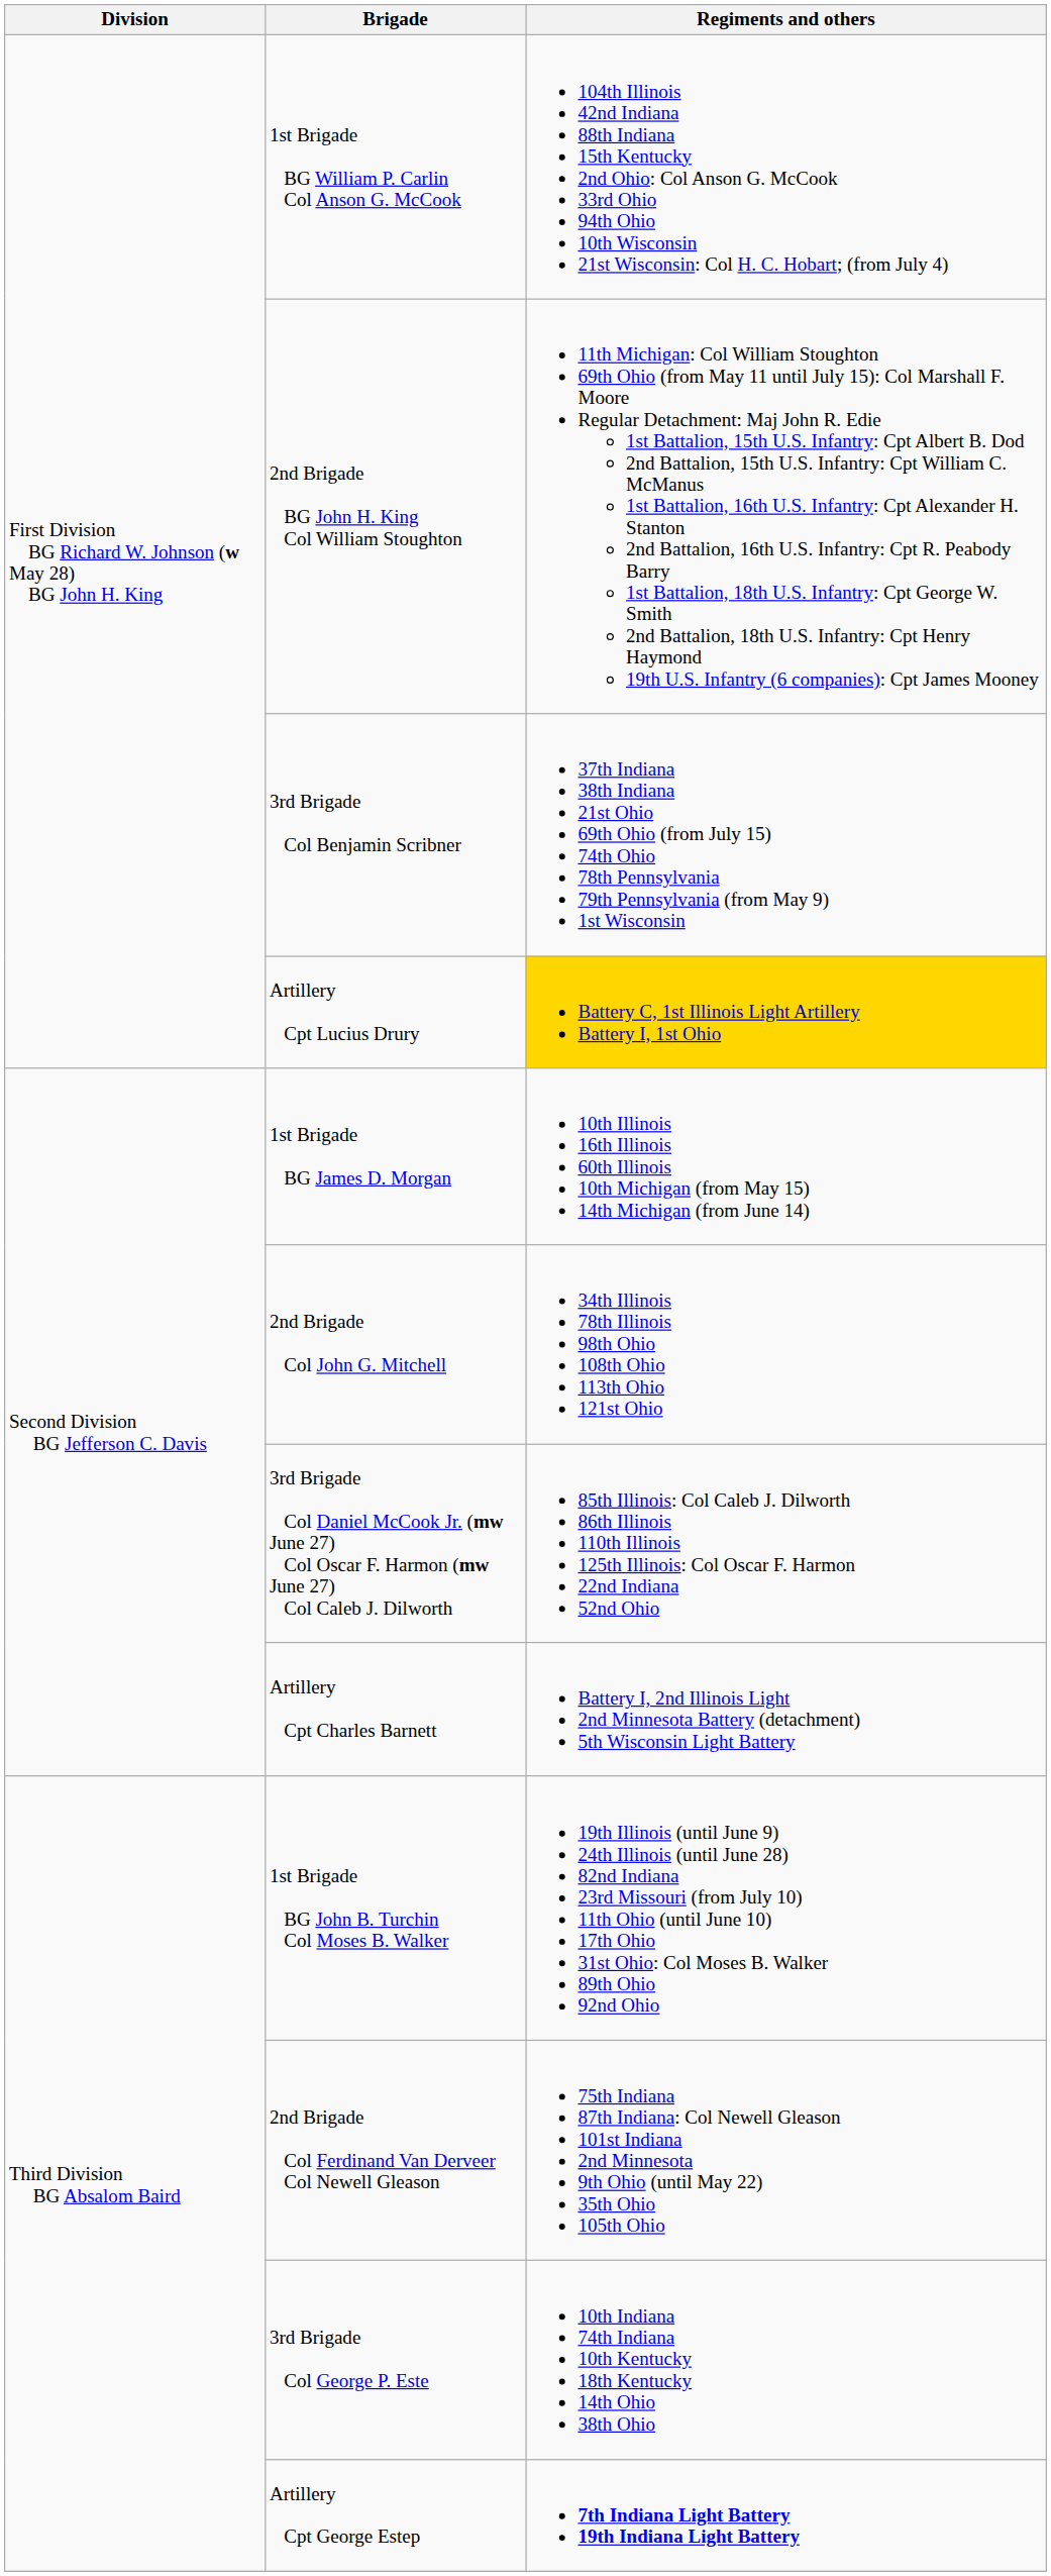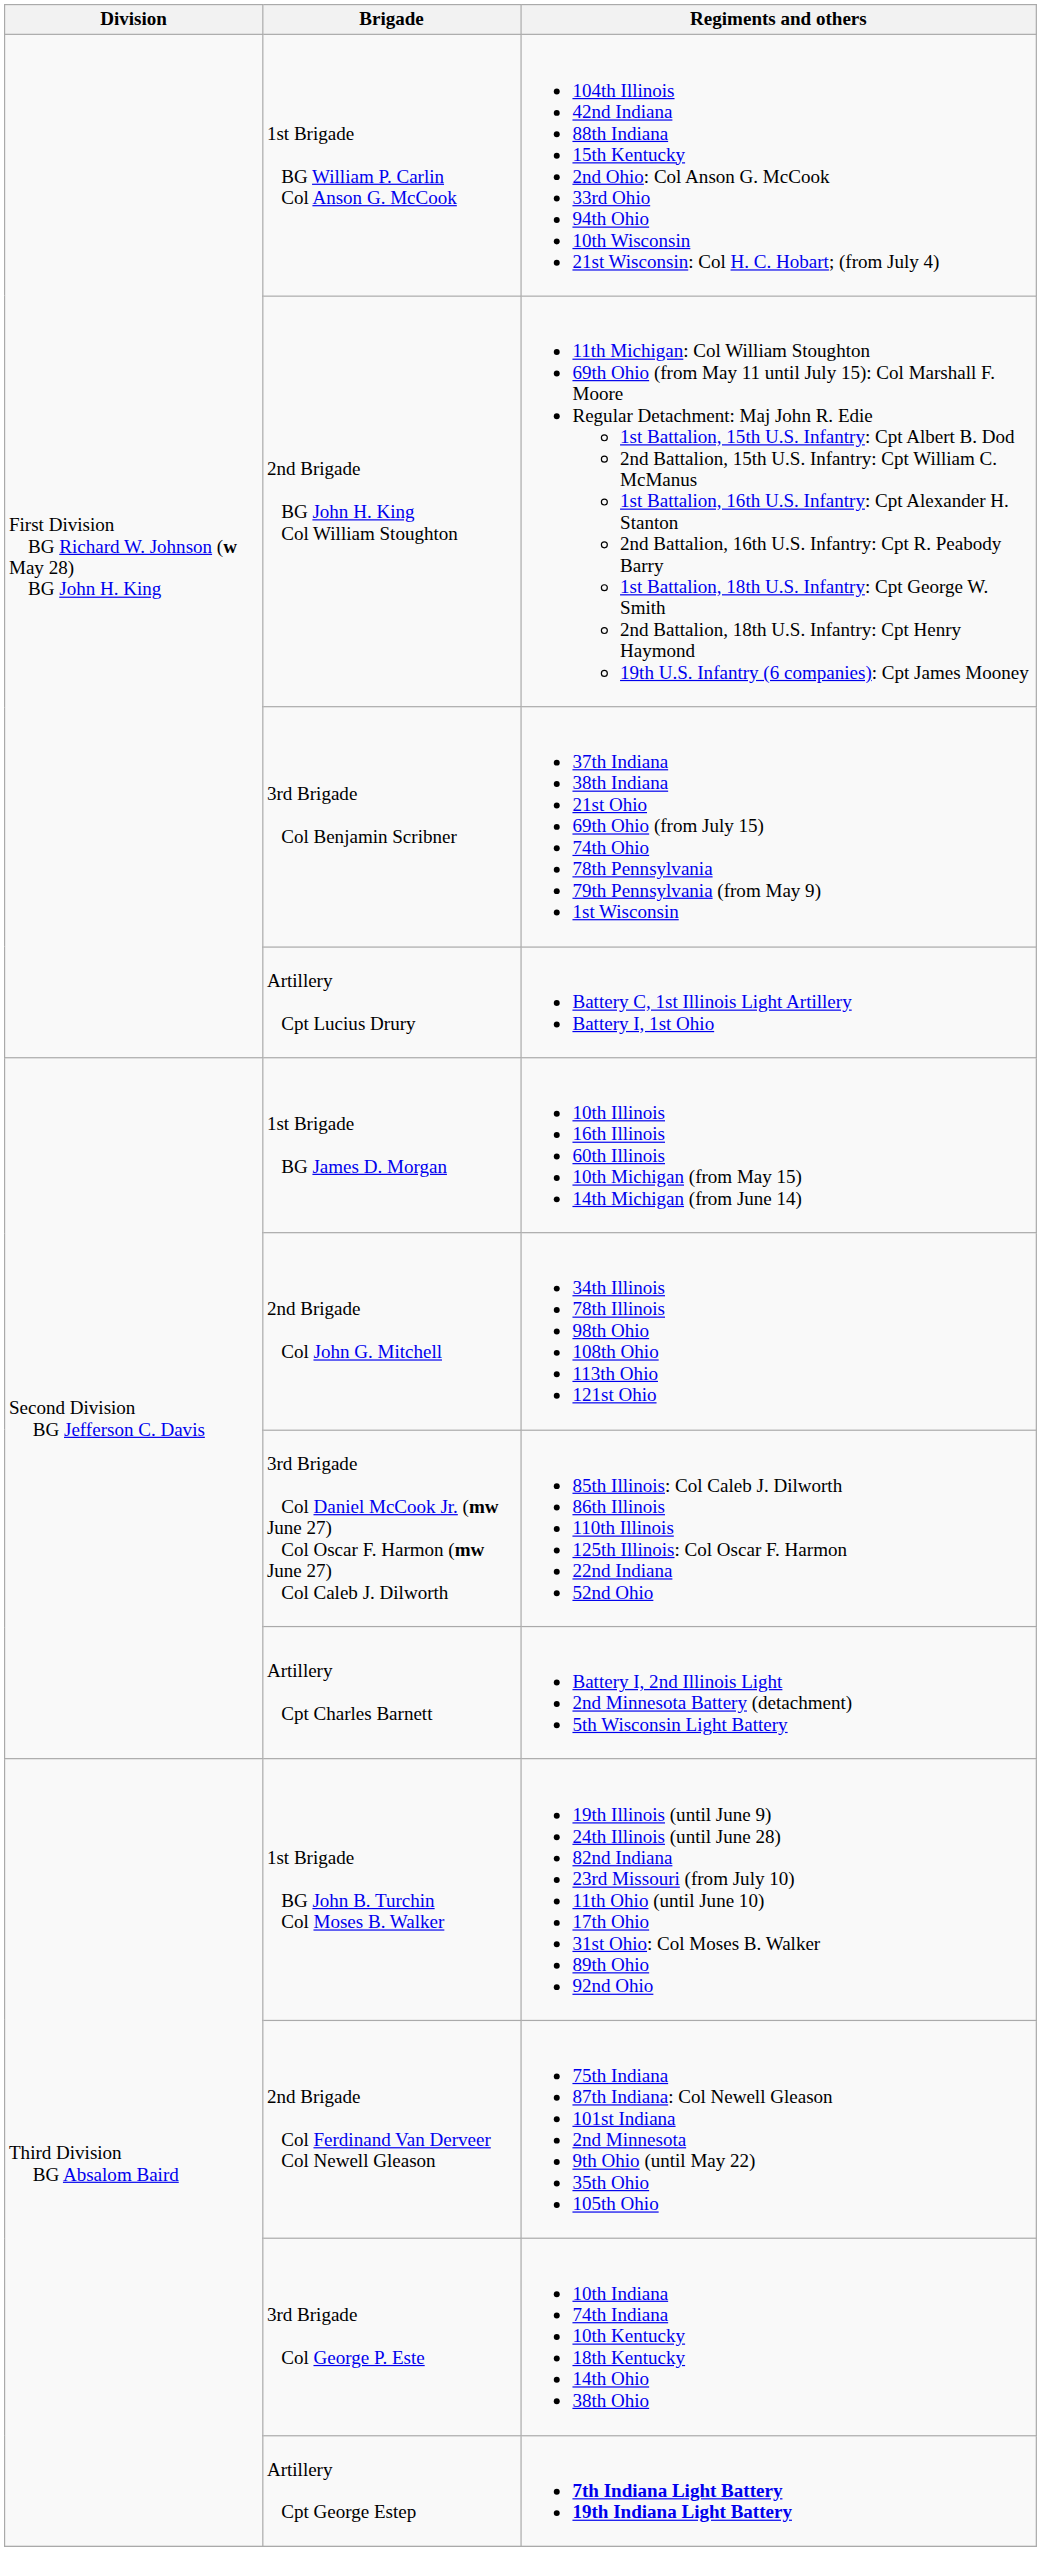 <table class="wikitable">
 <tr>
 <th width=25%>Division</th>
 <th width=25%>Brigade</th>
 <th>Regiments and others</th>
 </tr>
 <tr>
 <td rowspan=4><br>First Division <br>    BG <a href='#'>Richard W. Johnson</a> (<strong>w</strong> May 28)<br>    BG <a href='#'>John H. King</a></td>
 <td>1st Brigade<br><br>   BG <a href='#'>William P. Carlin</a><br>   Col <a href='#'>Anson G. McCook</a></td>
 <td><br><ul><li><a href='#'>104th Illinois</a></li><li><a href='#'>42nd Indiana</a></li><li><a href='#'>88th Indiana</a></li><li><a href='#'>15th Kentucky</a></li><li><a href='#'>2nd Ohio</a>: Col Anson G. McCook</li><li><a href='#'>33rd Ohio</a></li><li><a href='#'>94th Ohio</a></li><li><a href='#'>10th Wisconsin</a></li><li><a href='#'>21st Wisconsin</a>: Col <a href='#'>H. C. Hobart</a>;  (from July 4)</li></ul></td>
 </tr>
 <tr>
 <td>2nd Brigade<br><br>   BG <a href='#'>John H. King</a><br>   Col William Stoughton</td>
 <td><br><ul><li><a href='#'>11th Michigan</a>: Col William Stoughton</li><li><a href='#'>69th Ohio</a> (from May 11 until July 15): Col Marshall F. Moore</li><li>Regular Detachment: Maj John R. Edie<ul><li><a href='#'>1st Battalion, 15th U.S. Infantry</a>: Cpt Albert B. Dod</li><li>2nd Battalion, 15th U.S. Infantry: Cpt William C. McManus</li><li><a href='#'>1st Battalion, 16th U.S. Infantry</a>: Cpt Alexander H. Stanton</li><li>2nd Battalion, 16th U.S. Infantry: Cpt R. Peabody Barry</li><li><a href='#'>1st Battalion, 18th U.S. Infantry</a>: Cpt George W. Smith</li><li>2nd Battalion, 18th U.S. Infantry: Cpt Henry Haymond</li><li><a href='#'>19th U.S. Infantry (6 companies)</a>: Cpt James Mooney</li></ul></li></ul></td>
 </tr>
 <tr>
 <td>3rd Brigade<br><br>   Col Benjamin Scribner<br>  </td>
 <td><br><ul><li><a href='#'>37th Indiana</a></li><li><a href='#'>38th Indiana</a></li><li><a href='#'>21st Ohio</a></li><li><a href='#'>69th Ohio</a> (from July 15)</li><li><a href='#'>74th Ohio</a></li><li><a href='#'>78th Pennsylvania</a></li><li><a href='#'>79th Pennsylvania</a> (from May 9)</li><li><a href='#'>1st Wisconsin</a></li></ul></td>
 </tr>
 <tr>
 <td>Artillery<br><br>   Cpt Lucius Drury</td>
-<td style="background: gold;"><br><ul><li><a href='#'>Battery C, 1st Illinois Light Artillery</a></li><li><a href='#'>Battery I, 1st Ohio</a></li></ul></td>
+<td><br><ul><li><a href='#'>Battery C, 1st Illinois Light Artillery</a></li><li><a href='#'>Battery I, 1st Ohio</a></li></ul></td>
 </tr>
 <tr>
 <td rowspan=4><br>Second Division <br>     BG <a href='#'>Jefferson C. Davis</a></td>
 <td>1st Brigade<br><br>   BG <a href='#'>James D. Morgan</a></td>
 <td><br><ul><li><a href='#'>10th Illinois</a></li><li><a href='#'>16th Illinois</a></li><li><a href='#'>60th Illinois</a></li><li><a href='#'>10th Michigan</a> (from May 15)</li><li><a href='#'>14th Michigan</a> (from June 14)</li></ul></td>
 </tr>
 <tr>
 <td>2nd Brigade<br><br>   Col <a href='#'>John G. Mitchell</a></td>
 <td><br><ul><li><a href='#'>34th Illinois</a></li><li><a href='#'>78th Illinois</a></li><li><a href='#'>98th Ohio</a></li><li><a href='#'>108th Ohio</a></li><li><a href='#'>113th Ohio</a></li><li><a href='#'>121st Ohio</a></li></ul></td>
 </tr>
 <tr>
 <td>3rd Brigade<br><br>   Col <a href='#'>Daniel McCook Jr.</a> (<strong>mw</strong> June 27)<br>   Col Oscar F. Harmon (<strong>mw</strong> June 27)<br>   Col Caleb J. Dilworth</td>
 <td><br><ul><li><a href='#'>85th Illinois</a>: Col Caleb J. Dilworth</li><li><a href='#'>86th Illinois</a></li><li><a href='#'>110th Illinois</a></li><li><a href='#'>125th Illinois</a>: Col Oscar F. Harmon</li><li><a href='#'>22nd Indiana</a></li><li><a href='#'>52nd Ohio</a></li></ul></td>
 </tr>
 <tr>
 <td>Artillery<br><br>   Cpt Charles Barnett</td>
 <td><br><ul><li><a href='#'>Battery I, 2nd Illinois Light</a></li><li><a href='#'>2nd Minnesota Battery</a> (detachment)</li><li><a href='#'>5th Wisconsin Light Battery</a></li></ul></td>
 </tr>
 <tr>
 <td rowspan=4><br>Third Division <br>     BG <a href='#'>Absalom Baird</a></td>
 <td>1st Brigade<br><br>   BG <a href='#'>John B. Turchin</a><br>   Col <a href='#'>Moses B. Walker</a></td>
 <td><br><ul><li><a href='#'>19th Illinois</a> (until June 9)</li><li><a href='#'>24th Illinois</a> (until June 28)</li><li><a href='#'>82nd Indiana</a></li><li><a href='#'>23rd Missouri</a> (from July 10)</li><li><a href='#'>11th Ohio</a> (until June 10)</li><li><a href='#'>17th Ohio</a></li><li><a href='#'>31st Ohio</a>: Col Moses B. Walker</li><li><a href='#'>89th Ohio</a></li><li><a href='#'>92nd Ohio</a></li></ul></td>
 </tr>
 <tr>
 <td>2nd Brigade<br><br>   Col <a href='#'>Ferdinand Van Derveer</a><br>   Col Newell Gleason</td>
 <td><br><ul><li><a href='#'>75th Indiana</a></li><li><a href='#'>87th Indiana</a>: Col Newell Gleason</li><li><a href='#'>101st Indiana</a></li><li><a href='#'>2nd Minnesota</a></li><li><a href='#'>9th Ohio</a> (until May 22)</li><li><a href='#'>35th Ohio</a></li><li><a href='#'>105th Ohio</a></li></ul></td>
 </tr>
 <tr>
 <td>3rd Brigade<br><br>   Col <a href='#'>George P. Este</a></td>
 <td><br><ul><li><a href='#'>10th Indiana</a></li><li><a href='#'>74th Indiana</a></li><li><a href='#'>10th Kentucky</a></li><li><a href='#'>18th Kentucky</a></li><li><a href='#'>14th Ohio</a></li><li><a href='#'>38th Ohio</a></li></ul></td>
 </tr>
 <tr>
 <td>Artillery<br><br>   Cpt George Estep</td>
 <td><strong><br><ul><li><a href='#'>7th Indiana Light Battery</a></li><li><a href='#'>19th Indiana Light Battery</a></li></ul></strong></td>
 </tr>
 <tr>
 </tr>
 </table>
